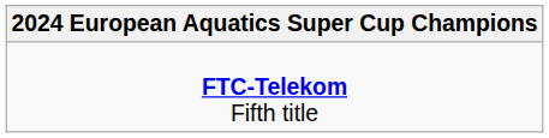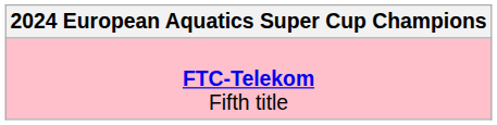 <table class=wikitable style="text-align:center; margin:auto">
 <tr>
 <th>2024 European Aquatics Super Cup Champions</th>
 </tr>
 <tr>
-<td> <br><strong><a href='#'>FTC-Telekom</a></strong><br>Fifth title</td>
+<td style="background: pink;"> <br><strong><a href='#'>FTC-Telekom</a></strong><br>Fifth title</td>
 </tr>
 </table>
